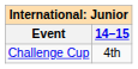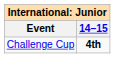 <table class="wikitable" style="text-align:center">
 <tr>
 <th style="background-color: #ffdead; " colspan=2 align=center>International: Junior</th>
 </tr>
 <tr>
 <th>Event</th>
 <th><a href='#'>14–15</a></th>
 </tr>
 <tr>
 <td align=left><a href='#'>Challenge Cup</a></td>
-<td>4th</td>
+<td><strong>4th</strong></td>
 </tr>
 </table>
